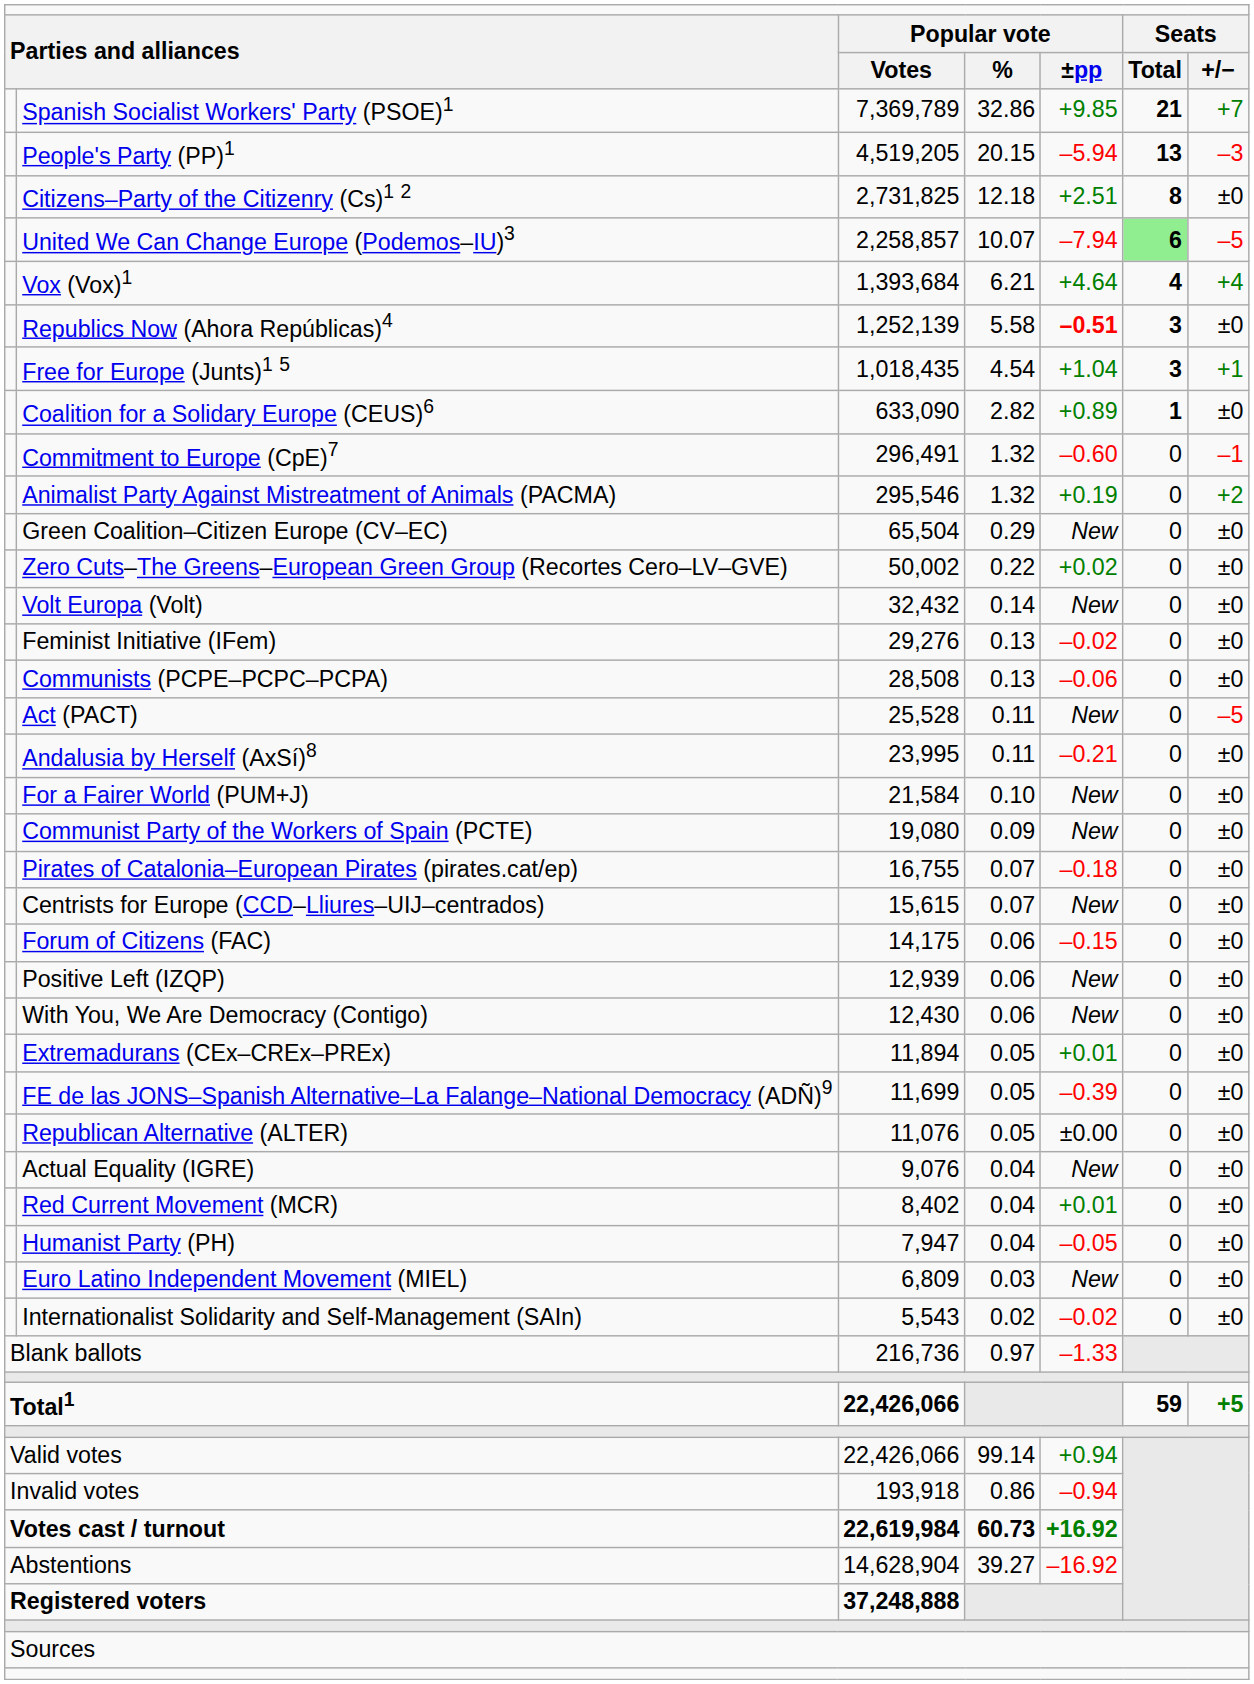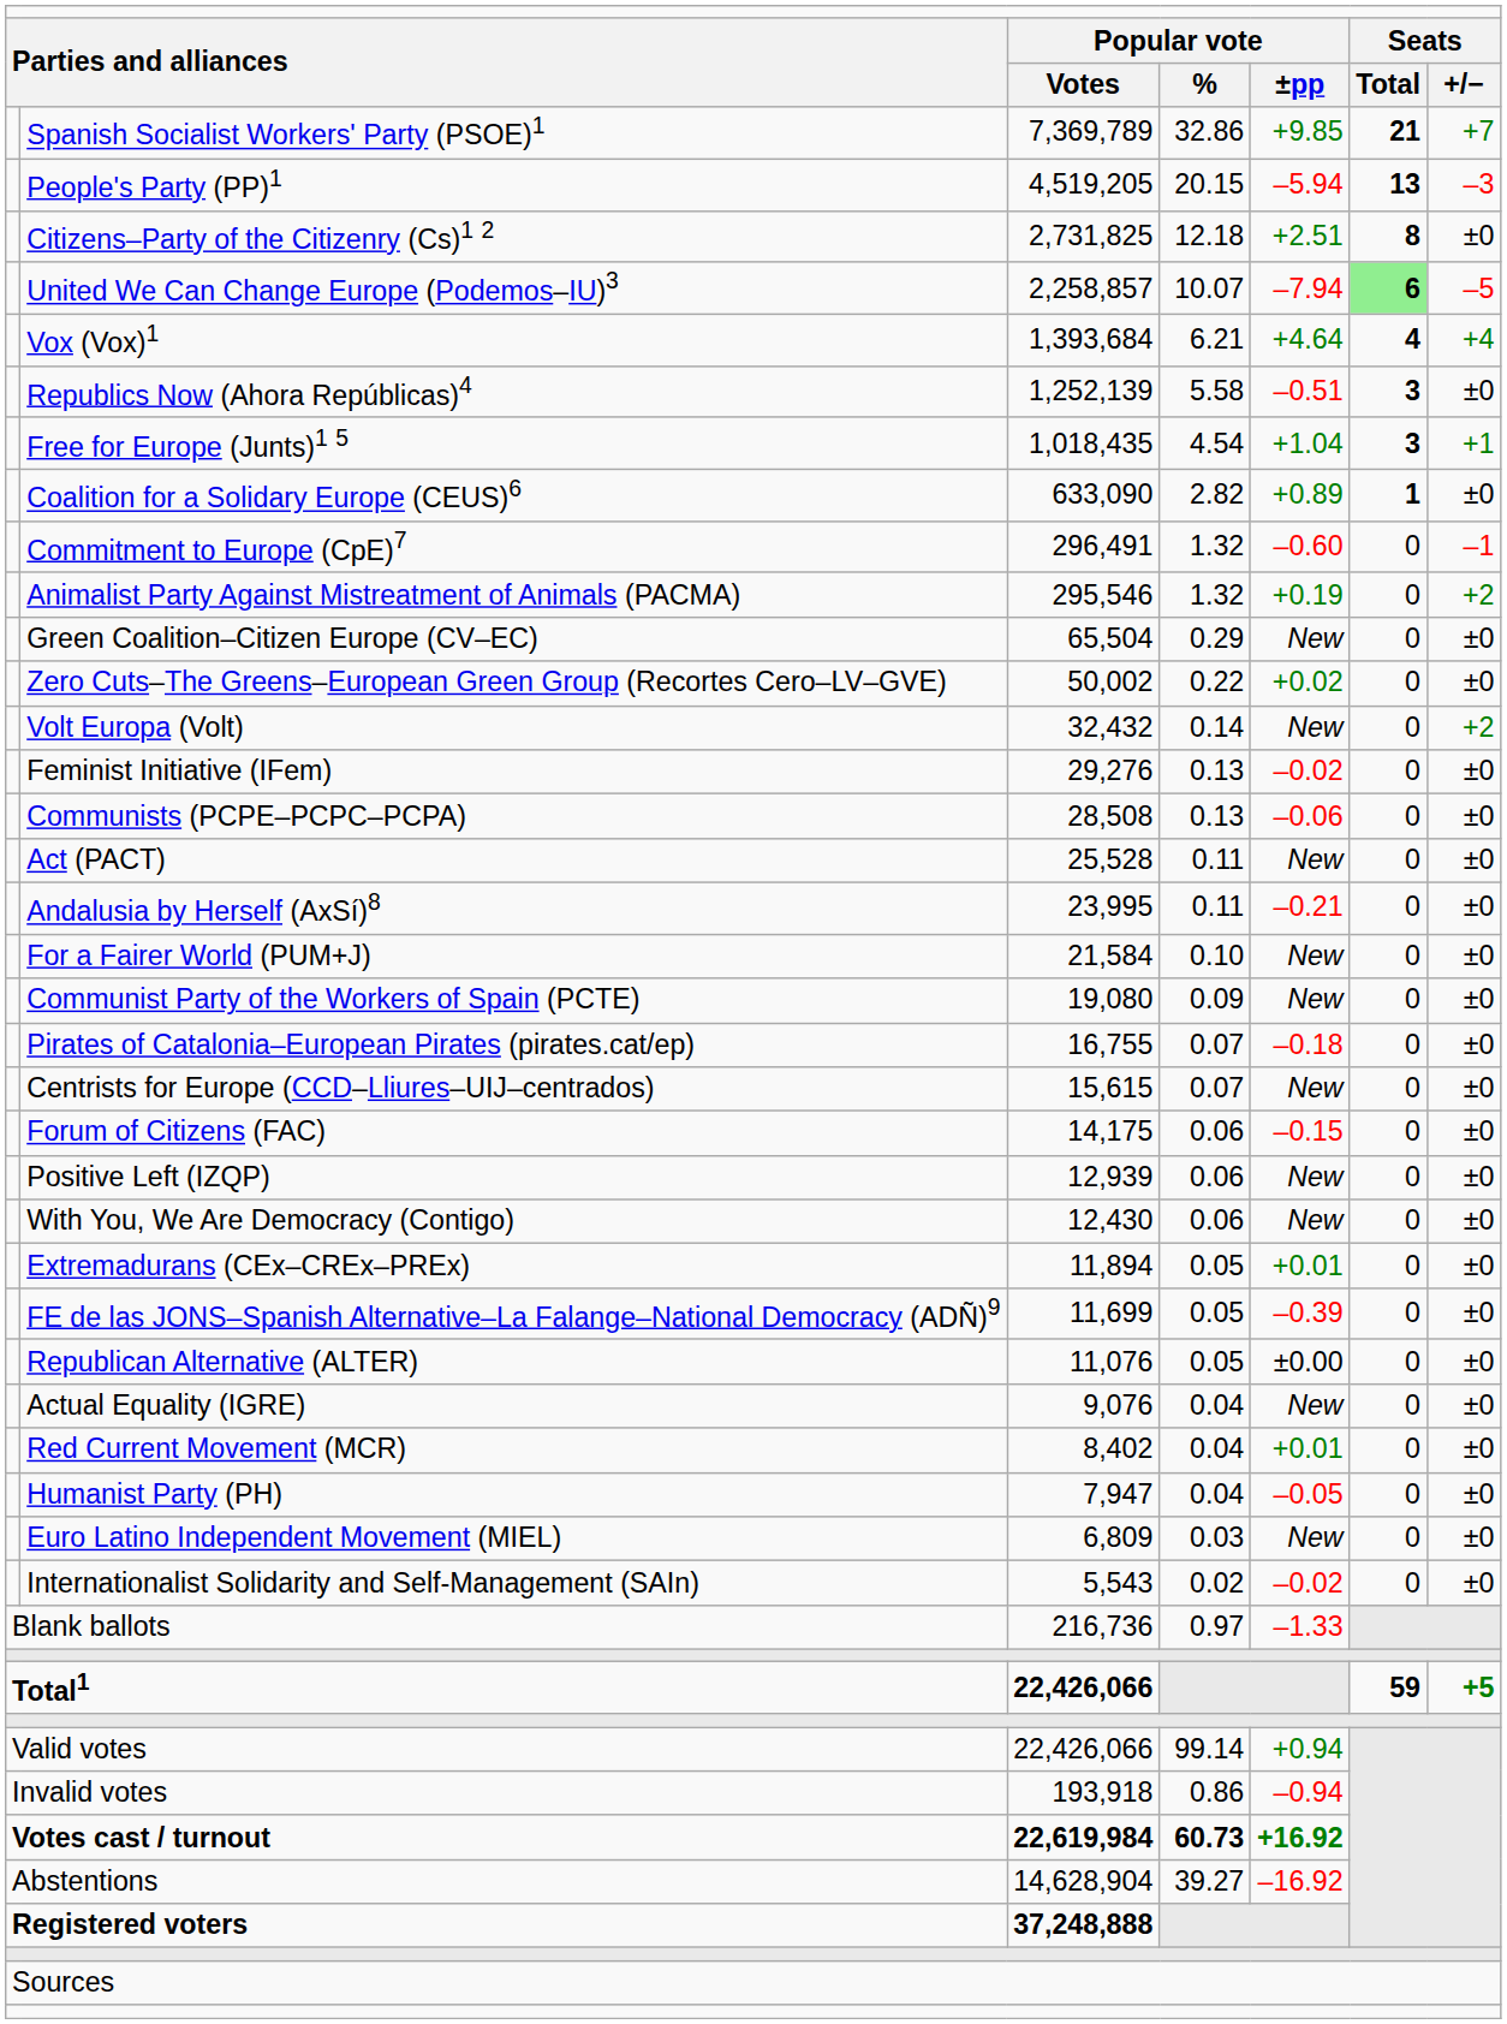 <table class="wikitable" style="text-align:right;">
 <tr>
 <td colspan="7"></td>
 </tr>
 <tr>
 <th style="text-align:left;" rowspan="2" colspan="2" width="525">Parties and alliances</th>
 <th colspan="3">Popular vote</th>
 <th colspan="2">Seats</th>
 </tr>
 <tr>
 <th width="75">Votes</th>
 <th width="45">%</th>
 <th width="45">±<a href='#'>pp</a></th>
 <th width="35">Total</th>
 <th width="35">+/−</th>
 </tr>
 <tr>
 <td width="1" style="color:inherit;background:"></td>
 <td align="left"><a href='#'>Spanish Socialist Workers' Party</a> (PSOE)<sup>1</sup></td>
 <td>7,369,789</td>
 <td>32.86</td>
 <td style="color:green;">+9.85</td>
 <td><strong>21</strong></td>
 <td style="color:green;">+7</td>
 </tr>
 <tr>
 <td style="color:inherit;background:"></td>
 <td align="left"><a href='#'>People's Party</a> (PP)<sup>1</sup></td>
 <td>4,519,205</td>
 <td>20.15</td>
 <td style="color:red;">–5.94</td>
 <td><strong>13</strong></td>
 <td style="color:red;">–3</td>
 </tr>
 <tr>
 <td style="color:inherit;background:"></td>
 <td align="left"><a href='#'>Citizens–Party of the Citizenry</a> (Cs)<sup>1</sup> <sup>2</sup></td>
 <td>2,731,825</td>
 <td>12.18</td>
 <td style="color:green;">+2.51</td>
 <td><strong>8</strong></td>
 <td>±0</td>
 </tr>
 <tr>
 <td style="color:inherit;background:"></td>
 <td align="left"><a href='#'>United We Can Change Europe</a> (<a href='#'>Podemos</a>–<a href='#'>IU</a>)<sup>3</sup></td>
 <td>2,258,857</td>
 <td>10.07</td>
 <td style="color:red;">–7.94</td>
 <td style="background: lightgreen;"><strong>6</strong></td>
 <td style="color:red;">–5</td>
 </tr>
 <tr>
 <td style="color:inherit;background:"></td>
 <td align="left"><a href='#'>Vox</a> (Vox)<sup>1</sup></td>
 <td>1,393,684</td>
 <td>6.21</td>
 <td style="color:green;">+4.64</td>
 <td><strong>4</strong></td>
 <td style="color:green;">+4</td>
 </tr>
 <tr>
 <td style="color:inherit;background:"></td>
 <td align="left"><a href='#'>Republics Now</a> (Ahora Repúblicas)<sup>4</sup></td>
 <td>1,252,139</td>
 <td>5.58</td>
-<td style="color:red;"><strong>–0.51</strong></td>
+<td style="color:red;">–0.51</td>
 <td><strong>3</strong></td>
 <td>±0</td>
 </tr>
 <tr>
 <td style="color:inherit;background:"></td>
 <td align="left"><a href='#'>Free for Europe</a> (Junts)<sup>1</sup> <sup>5</sup></td>
 <td>1,018,435</td>
 <td>4.54</td>
 <td style="color:green;">+1.04</td>
 <td><strong>3</strong></td>
 <td style="color:green;">+1</td>
 </tr>
 <tr>
 <td style="color:inherit;background:"></td>
 <td align="left"><a href='#'>Coalition for a Solidary Europe</a> (CEUS)<sup>6</sup></td>
 <td>633,090</td>
 <td>2.82</td>
 <td style="color:green;">+0.89</td>
 <td><strong>1</strong></td>
 <td>±0</td>
 </tr>
 <tr>
 <td style="color:inherit;background:"></td>
 <td align="left"><a href='#'>Commitment to Europe</a> (CpE)<sup>7</sup></td>
 <td>296,491</td>
 <td>1.32</td>
 <td style="color:red;">–0.60</td>
 <td>0</td>
 <td style="color:red;">–1</td>
 </tr>
 <tr>
 <td style="color:inherit;background:"></td>
 <td align="left"><a href='#'>Animalist Party Against Mistreatment of Animals</a> (PACMA)</td>
 <td>295,546</td>
 <td>1.32</td>
 <td style="color:green;">+0.19</td>
 <td>0</td>
 <td style="color:green;">+2</td>
 </tr>
 <tr>
 <td style="color:inherit;background:"></td>
 <td align="left">Green Coalition–Citizen Europe (CV–EC)</td>
 <td>65,504</td>
 <td>0.29</td>
 <td><em>New</em></td>
 <td>0</td>
 <td>±0</td>
 </tr>
 <tr>
 <td style="color:inherit;background:"></td>
 <td align="left"><a href='#'>Zero Cuts</a>–<a href='#'>The Greens</a>–<a href='#'>European Green Group</a> (Recortes Cero–LV–GVE)</td>
 <td>50,002</td>
 <td>0.22</td>
 <td style="color:green;">+0.02</td>
 <td>0</td>
 <td>±0</td>
 </tr>
 <tr>
 <td style="color:inherit;background:"></td>
 <td align="left"><a href='#'>Volt Europa</a> (Volt)</td>
 <td>32,432</td>
 <td>0.14</td>
 <td><em>New</em></td>
 <td>0</td>
-<td>±0</td>
+<td style="color:green;">+2</td>
 </tr>
 <tr>
 <td style="color:inherit;background:"></td>
 <td align="left">Feminist Initiative (IFem)</td>
 <td>29,276</td>
 <td>0.13</td>
 <td style="color:red;">–0.02</td>
 <td>0</td>
 <td>±0</td>
 </tr>
 <tr>
 <td style="color:inherit;background:"></td>
 <td align="left"><a href='#'>Communists</a> (PCPE–PCPC–PCPA)</td>
 <td>28,508</td>
 <td>0.13</td>
 <td style="color:red;">–0.06</td>
 <td>0</td>
 <td>±0</td>
 </tr>
 <tr>
 <td style="color:inherit;background:"></td>
 <td align="left"><a href='#'>Act</a> (PACT)</td>
 <td>25,528</td>
 <td>0.11</td>
 <td><em>New</em></td>
 <td>0</td>
-<td style="color:red;">–5</td>
+<td>±0</td>
 </tr>
 <tr>
 <td style="color:inherit;background:"></td>
 <td align="left"><a href='#'>Andalusia by Herself</a> (AxSí)<sup>8</sup></td>
 <td>23,995</td>
 <td>0.11</td>
 <td style="color:red;">–0.21</td>
 <td>0</td>
 <td>±0</td>
 </tr>
 <tr>
 <td style="color:inherit;background:"></td>
 <td align="left"><a href='#'>For a Fairer World</a> (PUM+J)</td>
 <td>21,584</td>
 <td>0.10</td>
 <td><em>New</em></td>
 <td>0</td>
 <td>±0</td>
 </tr>
 <tr>
 <td style="color:inherit;background:"></td>
 <td align="left"><a href='#'>Communist Party of the Workers of Spain</a> (PCTE)</td>
 <td>19,080</td>
 <td>0.09</td>
 <td><em>New</em></td>
 <td>0</td>
 <td>±0</td>
 </tr>
 <tr>
 <td style="color:inherit;background:"></td>
 <td align="left"><a href='#'>Pirates of Catalonia–European Pirates</a> (pirates.cat/ep)</td>
 <td>16,755</td>
 <td>0.07</td>
 <td style="color:red;">–0.18</td>
 <td>0</td>
 <td>±0</td>
 </tr>
 <tr>
 <td style="color:inherit;background:"></td>
 <td align="left">Centrists for Europe (<a href='#'>CCD</a>–<a href='#'>Lliures</a>–UIJ–centrados)</td>
 <td>15,615</td>
 <td>0.07</td>
 <td><em>New</em></td>
 <td>0</td>
 <td>±0</td>
 </tr>
 <tr>
 <td style="color:inherit;background:"></td>
 <td align="left"><a href='#'>Forum of Citizens</a> (FAC)</td>
 <td>14,175</td>
 <td>0.06</td>
 <td style="color:red;">–0.15</td>
 <td>0</td>
 <td>±0</td>
 </tr>
 <tr>
 <td style="color:inherit;background:"></td>
 <td align="left">Positive Left (IZQP)</td>
 <td>12,939</td>
 <td>0.06</td>
 <td><em>New</em></td>
 <td>0</td>
 <td>±0</td>
 </tr>
 <tr>
 <td style="color:inherit;background:"></td>
 <td align="left">With You, We Are Democracy (Contigo)</td>
 <td>12,430</td>
 <td>0.06</td>
 <td><em>New</em></td>
 <td>0</td>
 <td>±0</td>
 </tr>
 <tr>
 <td style="color:inherit;background:"></td>
 <td align="left"><a href='#'>Extremadurans</a> (CEx–CREx–PREx)</td>
 <td>11,894</td>
 <td>0.05</td>
 <td style="color:green;">+0.01</td>
 <td>0</td>
 <td>±0</td>
 </tr>
 <tr>
 <td style="color:inherit;background:"></td>
 <td align="left"><a href='#'>FE de las JONS–Spanish Alternative–La Falange–National Democracy</a> (ADÑ)<sup>9</sup></td>
 <td>11,699</td>
 <td>0.05</td>
 <td style="color:red;">–0.39</td>
 <td>0</td>
 <td>±0</td>
 </tr>
 <tr>
 <td style="color:inherit;background:"></td>
 <td align="left"><a href='#'>Republican Alternative</a> (ALTER)</td>
 <td>11,076</td>
 <td>0.05</td>
 <td>±0.00</td>
 <td>0</td>
 <td>±0</td>
 </tr>
 <tr>
 <td style="color:inherit;background:"></td>
 <td align="left">Actual Equality (IGRE)</td>
 <td>9,076</td>
 <td>0.04</td>
 <td><em>New</em></td>
 <td>0</td>
 <td>±0</td>
 </tr>
 <tr>
 <td style="color:inherit;background:"></td>
 <td align="left"><a href='#'>Red Current Movement</a> (MCR)</td>
 <td>8,402</td>
 <td>0.04</td>
 <td style="color:green;">+0.01</td>
 <td>0</td>
 <td>±0</td>
 </tr>
 <tr>
 <td style="color:inherit;background:"></td>
 <td align="left"><a href='#'>Humanist Party</a> (PH)</td>
 <td>7,947</td>
 <td>0.04</td>
 <td style="color:red;">–0.05</td>
 <td>0</td>
 <td>±0</td>
 </tr>
 <tr>
 <td style="color:inherit;background:"></td>
 <td align="left"><a href='#'>Euro Latino Independent Movement</a> (MIEL)</td>
 <td>6,809</td>
 <td>0.03</td>
 <td><em>New</em></td>
 <td>0</td>
 <td>±0</td>
 </tr>
 <tr>
 <td style="color:inherit;background:"></td>
 <td align="left">Internationalist Solidarity and Self-Management (SAIn)</td>
 <td>5,543</td>
 <td>0.02</td>
 <td style="color:red;">–0.02</td>
 <td>0</td>
 <td>±0</td>
 </tr>
 <tr>
 <td align="left" colspan="2">Blank ballots</td>
 <td>216,736</td>
 <td>0.97</td>
 <td style="color:red;">–1.33</td>
 <td bgcolor="#E9E9E9" colspan="2"></td>
 </tr>
 <tr>
 <td colspan="7" bgcolor="#E9E9E9"></td>
 </tr>
 <tr style="font-weight:bold;">
 <td align="left" colspan="2">Total<sup>1</sup></td>
 <td>22,426,066</td>
 <td bgcolor="#E9E9E9" colspan="2"></td>
 <td>59</td>
 <td style="color:green;">+5</td>
 </tr>
 <tr>
 <td colspan="7" bgcolor="#E9E9E9"></td>
 </tr>
 <tr>
 <td align="left" colspan="2">Valid votes</td>
 <td>22,426,066</td>
 <td>99.14</td>
 <td style="color:green;">+0.94</td>
 <td bgcolor="#E9E9E9" colspan="2" rowspan="5"></td>
 </tr>
 <tr>
 <td align="left" colspan="2">Invalid votes</td>
 <td>193,918</td>
 <td>0.86</td>
 <td style="color:red;">–0.94</td>
 </tr>
 <tr style="font-weight:bold;">
 <td align="left" colspan="2">Votes cast / turnout</td>
 <td>22,619,984</td>
 <td>60.73</td>
 <td style="color:green;">+16.92</td>
 </tr>
 <tr>
 <td align="left" colspan="2">Abstentions</td>
 <td>14,628,904</td>
 <td>39.27</td>
 <td style="color:red;">–16.92</td>
 </tr>
 <tr style="font-weight:bold;">
 <td align="left" colspan="2">Registered voters</td>
 <td>37,248,888</td>
 <td bgcolor="#E9E9E9" colspan="2"></td>
 </tr>
 <tr>
 <td colspan="7" bgcolor="#E9E9E9"></td>
 </tr>
 <tr>
 <td align="left" colspan="7">Sources</td>
 </tr>
 <tr>
 <td colspan="7" style="text-align:left; max-width:790px;"></td>
 </tr>
 </table>
